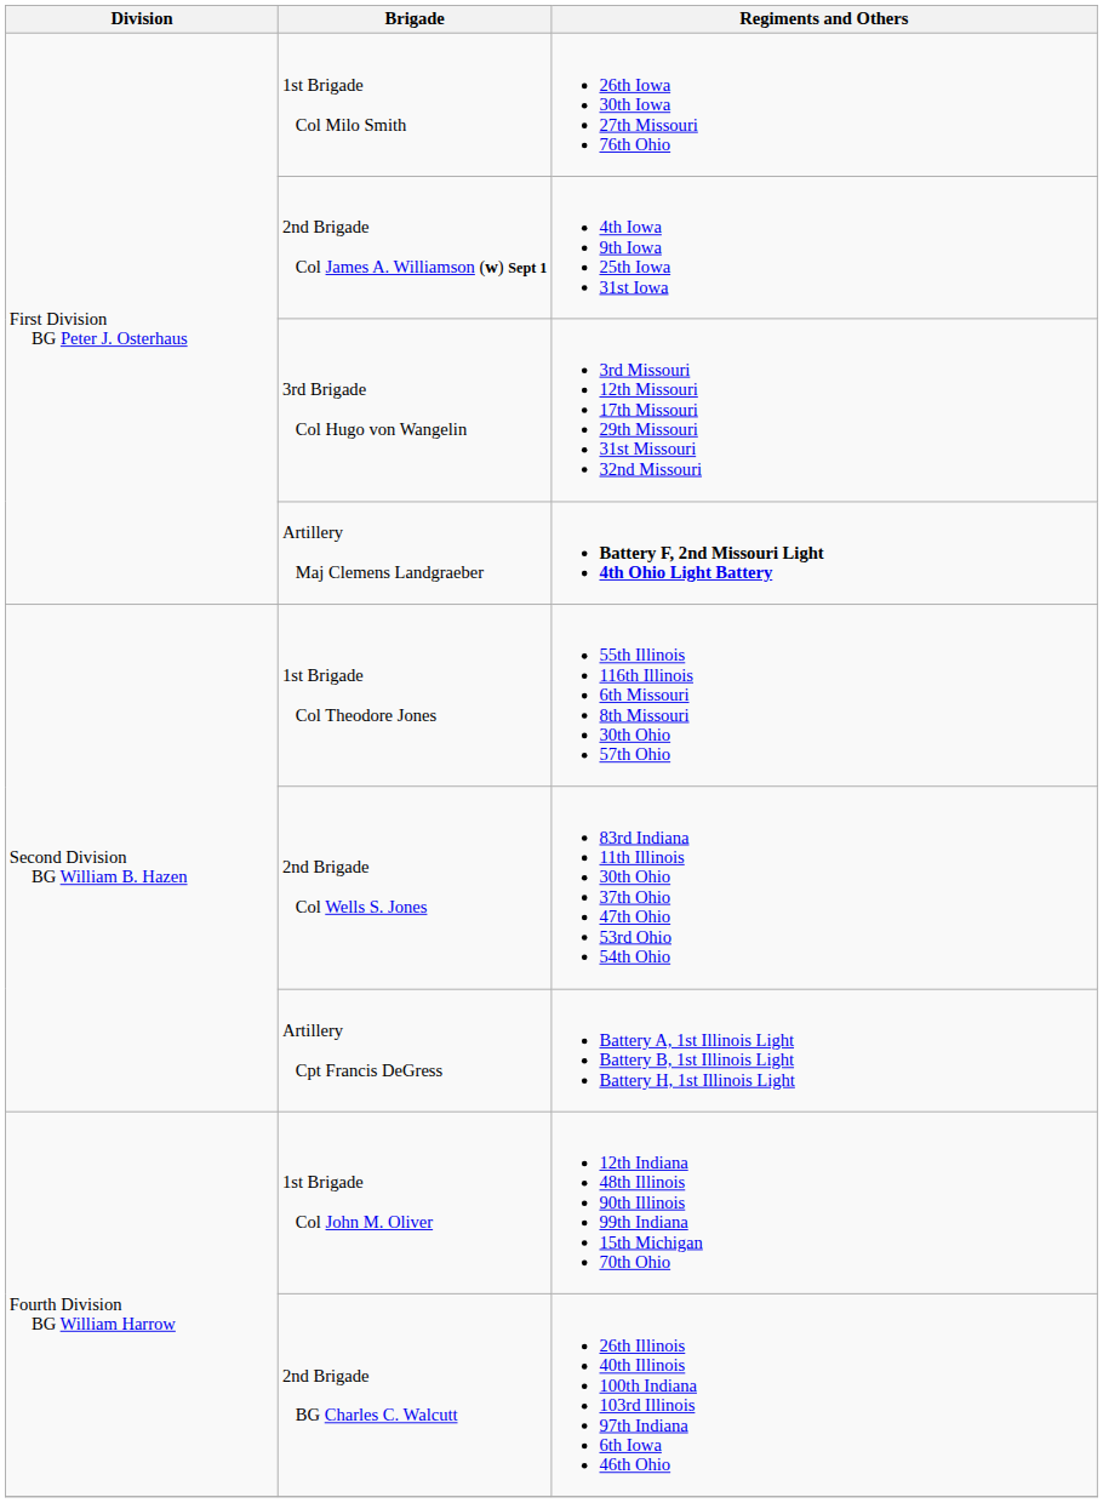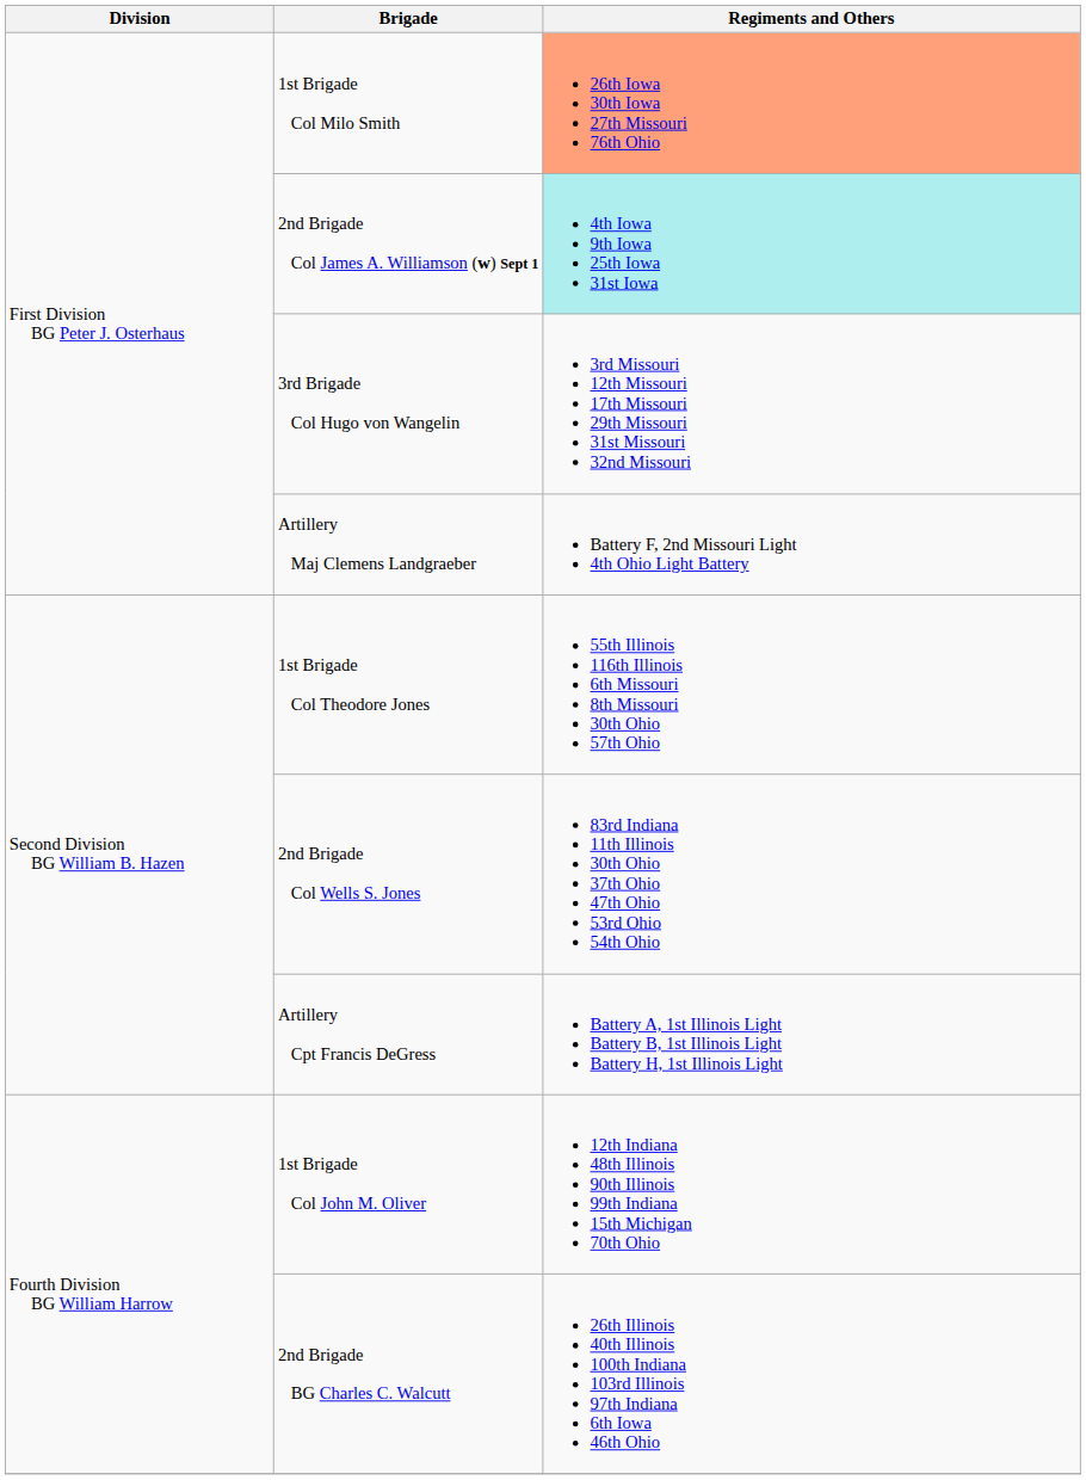 <table class="wikitable">
 <tr>
 <th width=25%>Division</th>
 <th width=25%>Brigade</th>
 <th>Regiments and Others</th>
 </tr>
 <tr>
 <td rowspan=4><br>First Division <br>     BG <a href='#'>Peter J. Osterhaus</a><br></td>
 <td>1st Brigade<br><br>   Col Milo Smith</td>
-<td><br><ul><li><a href='#'>26th Iowa</a></li><li><a href='#'>30th Iowa</a></li><li><a href='#'>27th Missouri</a></li><li><a href='#'>76th Ohio</a></li></ul></td>
+<td style="background: lightsalmon;"><br><ul><li><a href='#'>26th Iowa</a></li><li><a href='#'>30th Iowa</a></li><li><a href='#'>27th Missouri</a></li><li><a href='#'>76th Ohio</a></li></ul></td>
 </tr>
 <tr>
 <td>2nd Brigade<br><br>   Col <a href='#'>James A. Williamson</a> (<strong>w</strong>) <small><strong>Sept 1</strong></small></td>
-<td><br><ul><li><a href='#'>4th Iowa</a></li><li><a href='#'>9th Iowa</a></li><li><a href='#'>25th Iowa</a></li><li><a href='#'>31st Iowa</a></li></ul></td>
+<td style="background: paleturquoise;"><br><ul><li><a href='#'>4th Iowa</a></li><li><a href='#'>9th Iowa</a></li><li><a href='#'>25th Iowa</a></li><li><a href='#'>31st Iowa</a></li></ul></td>
 </tr>
 <tr>
 <td>3rd Brigade<br><br>   Col Hugo von Wangelin</td>
 <td><br><ul><li><a href='#'>3rd Missouri</a></li><li><a href='#'>12th Missouri</a></li><li><a href='#'>17th Missouri</a></li><li><a href='#'>29th Missouri</a></li><li><a href='#'>31st Missouri</a></li><li><a href='#'>32nd Missouri</a></li></ul></td>
 </tr>
 <tr>
 <td>Artillery<br><br>   Maj Clemens Landgraeber</td>
-<td><strong><br><ul><li>Battery F, 2nd Missouri Light</li><li><a href='#'>4th Ohio Light Battery</a></li></ul></strong></td>
+<td><br><ul><li>Battery F, 2nd Missouri Light</li><li><a href='#'>4th Ohio Light Battery</a></li></ul></td>
 </tr>
 <tr>
 <td rowspan=3><br>Second Division <br>     BG <a href='#'>William B. Hazen</a><br></td>
 <td>1st Brigade<br><br>   Col Theodore Jones</td>
 <td><br><ul><li><a href='#'>55th Illinois</a></li><li><a href='#'>116th Illinois</a></li><li><a href='#'>6th Missouri</a></li><li><a href='#'>8th Missouri</a></li><li><a href='#'>30th Ohio</a></li><li><a href='#'>57th Ohio</a></li></ul></td>
 </tr>
 <tr>
 <td>2nd Brigade<br><br>   Col <a href='#'>Wells S. Jones</a></td>
 <td><br><ul><li><a href='#'>83rd Indiana</a></li><li><a href='#'>11th Illinois</a></li><li><a href='#'>30th Ohio</a></li><li><a href='#'>37th Ohio</a></li><li><a href='#'>47th Ohio</a></li><li><a href='#'>53rd Ohio</a></li><li><a href='#'>54th Ohio</a></li></ul></td>
 </tr>
 <tr>
 <td>Artillery<br><br>   Cpt Francis DeGress</td>
 <td><br><ul><li><a href='#'>Battery A, 1st Illinois Light</a></li><li><a href='#'>Battery B, 1st Illinois Light</a></li><li><a href='#'>Battery H, 1st Illinois Light</a></li></ul></td>
 </tr>
 <tr>
 <td rowspan=2><br>Fourth Division <br>     BG <a href='#'>William Harrow</a><br></td>
 <td>1st Brigade<br><br>   Col <a href='#'>John M. Oliver</a></td>
 <td><br><ul><li><a href='#'>12th Indiana</a></li><li><a href='#'>48th Illinois</a></li><li><a href='#'>90th Illinois</a></li><li><a href='#'>99th Indiana</a></li><li><a href='#'>15th Michigan</a></li><li><a href='#'>70th Ohio</a></li></ul></td>
 </tr>
 <tr>
 <td>2nd Brigade<br><br>   BG <a href='#'>Charles C. Walcutt</a></td>
 <td><br><ul><li><a href='#'>26th Illinois</a></li><li><a href='#'>40th Illinois</a></li><li><a href='#'>100th Indiana</a></li><li><a href='#'>103rd Illinois</a></li><li><a href='#'>97th Indiana</a></li><li><a href='#'>6th Iowa</a></li><li><a href='#'>46th Ohio</a></li></ul></td>
 </tr>
 <tr>
 </tr>
 </table>
